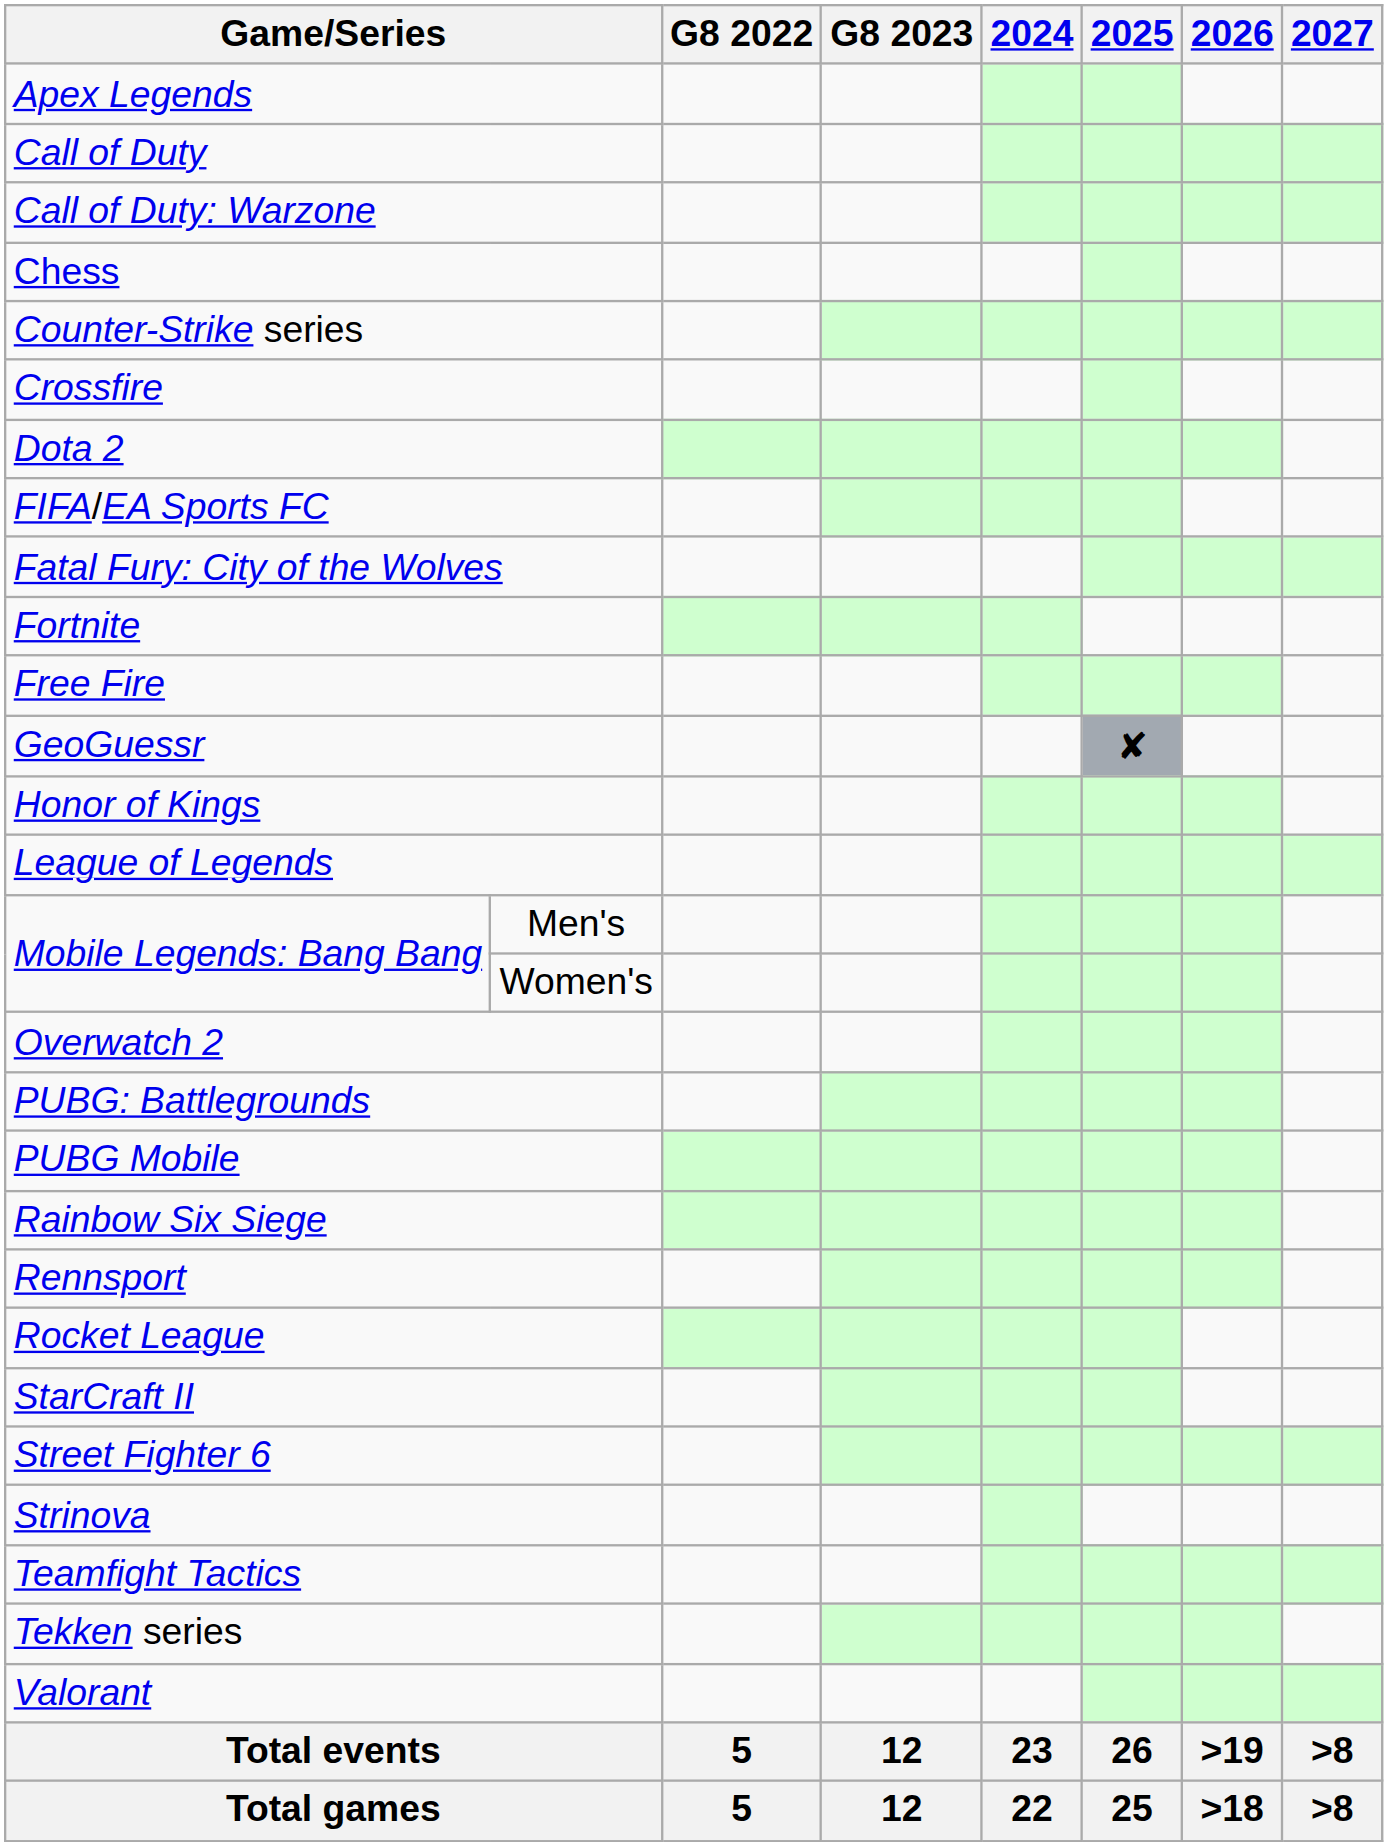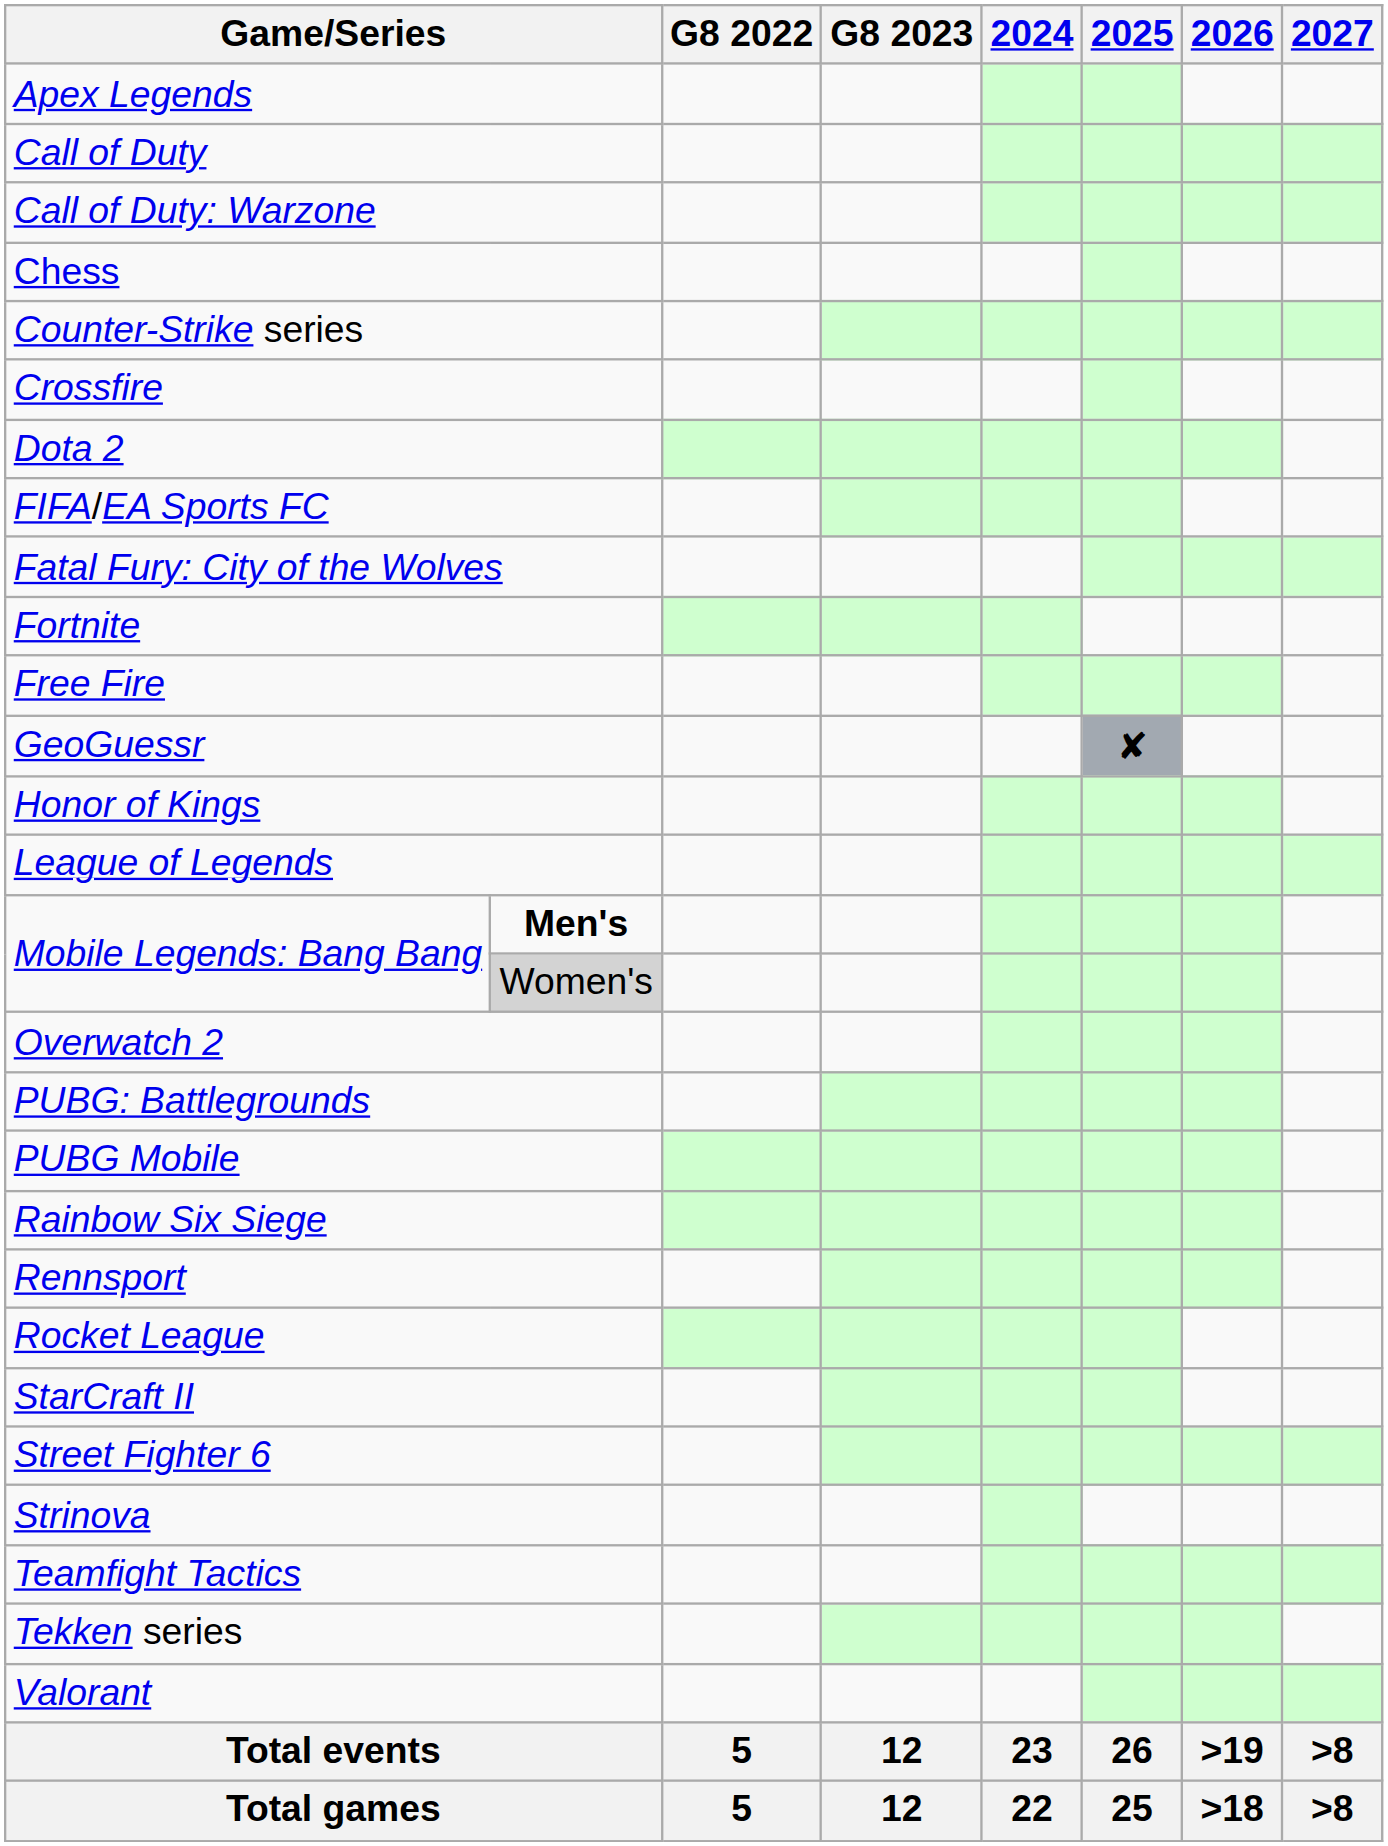 <table class="wikitable" style="text-align:center">
 <tr>
 <th colspan=2>Game/Series</th>
 <th>G8 2022</th>
 <th>G8 2023</th>
 <th><a href='#'>2024</a></th>
 <th><a href='#'>2025</a></th>
 <th><a href='#'>2026</a></th>
 <th><a href='#'>2027</a></th>
 </tr>
 <tr>
 <td colspan=2 align=left><em><a href='#'>Apex Legends</a></em></td>
 <td></td>
 <td></td>
 <td bgcolor="CFFFCF"></td>
 <td bgcolor="CFFFCF"></td>
 <td></td>
 <td></td>
 </tr>
 <tr>
 <td colspan=2 align=left><em><a href='#'>Call of Duty</a></em></td>
 <td></td>
 <td></td>
 <td bgcolor="CFFFCF"></td>
 <td bgcolor="CFFFCF"></td>
 <td bgcolor="CFFFCF"></td>
 <td bgcolor="CFFFCF"></td>
 </tr>
 <tr>
 <td colspan=2 align=left><em><a href='#'>Call of Duty: Warzone</a></em></td>
 <td></td>
 <td></td>
 <td bgcolor="CFFFCF"></td>
 <td bgcolor="CFFFCF"></td>
 <td bgcolor="CFFFCF"></td>
 <td bgcolor="CFFFCF"></td>
 </tr>
 <tr>
 <td colspan=2 align=left><a href='#'>Chess</a></td>
 <td></td>
 <td></td>
 <td></td>
 <td bgcolor="CFFFCF"></td>
 <td></td>
 <td></td>
 </tr>
 <tr>
 <td colspan=2 align=left><em><a href='#'>Counter-Strike</a></em> series</td>
 <td></td>
 <td bgcolor="CFFFCF"></td>
 <td bgcolor="CFFFCF"></td>
 <td bgcolor="CFFFCF"></td>
 <td bgcolor="CFFFCF"></td>
 <td bgcolor="CFFFCF"></td>
 </tr>
 <tr>
 <td colspan=2 align=left><em><a href='#'>Crossfire</a></em></td>
 <td></td>
 <td></td>
 <td></td>
 <td bgcolor="CFFFCF"></td>
 <td></td>
 <td></td>
 </tr>
 <tr>
 <td colspan=2 align=left><em><a href='#'>Dota 2</a></em></td>
 <td bgcolor="CFFFCF"></td>
 <td bgcolor="CFFFCF"></td>
 <td bgcolor="CFFFCF"></td>
 <td bgcolor="CFFFCF"></td>
 <td bgcolor="CFFFCF"></td>
 <td></td>
 </tr>
 <tr>
 <td colspan=2 align=left><a href='#'><em>FIFA</em></a>/<em><a href='#'>EA Sports FC</a></em></td>
 <td></td>
 <td bgcolor="CFFFCF"></td>
 <td bgcolor="CFFFCF"></td>
 <td bgcolor="CFFFCF"></td>
 <td></td>
 <td></td>
 </tr>
 <tr>
 <td colspan=2 align=left><em><a href='#'>Fatal Fury: City of the Wolves</a></em></td>
 <td></td>
 <td></td>
 <td></td>
 <td bgcolor="CFFFCF"></td>
 <td bgcolor="CFFFCF"></td>
 <td bgcolor="CFFFCF"></td>
 </tr>
 <tr>
 <td colspan=2 align=left><em><a href='#'>Fortnite</a></em></td>
 <td bgcolor="CFFFCF"></td>
 <td bgcolor="CFFFCF"></td>
 <td bgcolor="CFFFCF"></td>
 <td></td>
 <td></td>
 <td></td>
 </tr>
 <tr>
 <td colspan=2 align=left><em><a href='#'>Free Fire</a></em></td>
 <td></td>
 <td></td>
 <td bgcolor="CFFFCF"></td>
 <td bgcolor="CFFFCF"></td>
 <td bgcolor="CFFFCF"></td>
 <td></td>
 </tr>
 <tr>
 <td colspan=2 align=left><em><a href='#'>GeoGuessr</a></em></td>
 <td></td>
 <td></td>
 <td></td>
 <td bgcolor="a2a9b1">✘</td>
 <td></td>
 <td></td>
 </tr>
 <tr>
 <td colspan=2 align=left><em><a href='#'>Honor of Kings</a></em></td>
 <td></td>
 <td></td>
 <td bgcolor="CFFFCF"></td>
 <td bgcolor="CFFFCF"></td>
 <td bgcolor="CFFFCF"></td>
 <td></td>
 </tr>
 <tr>
 <td colspan=2 align=left><em><a href='#'>League of Legends</a></em></td>
 <td></td>
 <td></td>
 <td bgcolor="CFFFCF"></td>
 <td bgcolor="CFFFCF"></td>
 <td bgcolor="CFFFCF"></td>
 <td bgcolor="CFFFCF"></td>
 </tr>
 <tr>
 <td rowspan=2 align=left><em><a href='#'>Mobile Legends: Bang Bang</a></em></td>
-<td>Men's</td>
+<td><strong>Men's</strong></td>
 <td></td>
 <td></td>
 <td bgcolor="CFFFCF"></td>
 <td bgcolor="CFFFCF"></td>
 <td bgcolor="CFFFCF"></td>
 <td></td>
 </tr>
 <tr>
-<td>Women's</td>
+<td style="background: lightgrey;">Women's</td>
 <td></td>
 <td></td>
 <td bgcolor="CFFFCF"></td>
 <td bgcolor="CFFFCF"></td>
 <td bgcolor="CFFFCF"></td>
 <td></td>
 </tr>
 <tr>
 <td colspan=2 align=left><em><a href='#'>Overwatch 2</a></em></td>
 <td></td>
 <td></td>
 <td bgcolor="CFFFCF"></td>
 <td bgcolor="CFFFCF"></td>
 <td bgcolor="CFFFCF"></td>
 <td></td>
 </tr>
 <tr>
 <td colspan=2 align=left><em><a href='#'>PUBG: Battlegrounds</a></em></td>
 <td></td>
 <td bgcolor="CFFFCF"></td>
 <td bgcolor="CFFFCF"></td>
 <td bgcolor="CFFFCF"></td>
 <td bgcolor="CFFFCF"></td>
 <td></td>
 </tr>
 <tr>
 <td colspan=2 align=left><em><a href='#'>PUBG Mobile</a></em></td>
 <td bgcolor="CFFFCF"></td>
 <td bgcolor="CFFFCF"></td>
 <td bgcolor="CFFFCF"></td>
 <td bgcolor="CFFFCF"></td>
 <td bgcolor="CFFFCF"></td>
 <td></td>
 </tr>
 <tr>
 <td colspan=2 align=left><em><a href='#'>Rainbow Six Siege</a></em></td>
 <td bgcolor="CFFFCF"></td>
 <td bgcolor="CFFFCF"></td>
 <td bgcolor="CFFFCF"></td>
 <td bgcolor="CFFFCF"></td>
 <td bgcolor="CFFFCF"></td>
 <td></td>
 </tr>
 <tr>
 <td colspan=2 align=left><em><a href='#'>Rennsport</a></em></td>
 <td></td>
 <td bgcolor="CFFFCF"></td>
 <td bgcolor="CFFFCF"></td>
 <td bgcolor="CFFFCF"></td>
 <td bgcolor="CFFFCF"></td>
 <td></td>
 </tr>
 <tr>
 <td colspan=2 align=left><em><a href='#'>Rocket League</a></em></td>
 <td bgcolor="CFFFCF"></td>
 <td bgcolor="CFFFCF"></td>
 <td bgcolor="CFFFCF"></td>
 <td bgcolor="CFFFCF"></td>
 <td></td>
 <td></td>
 </tr>
 <tr>
 <td colspan=2 align=left><em><a href='#'>StarCraft II</a></em></td>
 <td></td>
 <td bgcolor="CFFFCF"></td>
 <td bgcolor="CFFFCF"></td>
 <td bgcolor="CFFFCF"></td>
 <td></td>
 <td></td>
 </tr>
 <tr>
 <td colspan=2 align=left><em><a href='#'>Street Fighter 6</a></em></td>
 <td></td>
 <td bgcolor="CFFFCF"></td>
 <td bgcolor="CFFFCF"></td>
 <td bgcolor="CFFFCF"></td>
 <td bgcolor="CFFFCF"></td>
 <td bgcolor="CFFFCF"></td>
 </tr>
 <tr>
 <td colspan=2 align=left><em><a href='#'>Strinova</a></em></td>
 <td></td>
 <td></td>
 <td bgcolor="CFFFCF"></td>
 <td></td>
 <td></td>
 <td></td>
 </tr>
 <tr>
 <td colspan=2 align=left><em><a href='#'>Teamfight Tactics</a></em></td>
 <td></td>
 <td></td>
 <td bgcolor="CFFFCF"></td>
 <td bgcolor="CFFFCF"></td>
 <td bgcolor="CFFFCF"></td>
 <td bgcolor="CFFFCF"></td>
 </tr>
 <tr>
 <td colspan=2 align=left><em><a href='#'>Tekken</a></em> series</td>
 <td></td>
 <td bgcolor="CFFFCF"></td>
 <td bgcolor="CFFFCF"></td>
 <td bgcolor="CFFFCF"></td>
 <td bgcolor="CFFFCF"></td>
 <td></td>
 </tr>
 <tr>
 <td colspan=2 align=left><em><a href='#'>Valorant</a></em></td>
 <td></td>
 <td></td>
 <td></td>
 <td bgcolor="CFFFCF"></td>
 <td bgcolor="CFFFCF"></td>
 <td bgcolor="CFFFCF"></td>
 </tr>
 <tr>
 <th colspan=2>Total events</th>
 <th>5</th>
 <th>12</th>
 <th>23</th>
 <th>26</th>
 <th>>19</th>
 <th>>8</th>
 </tr>
 <tr>
 <th colspan=2>Total games</th>
 <th>5</th>
 <th>12</th>
 <th>22</th>
 <th>25</th>
 <th>>18</th>
 <th>>8</th>
 </tr>
 </table>
